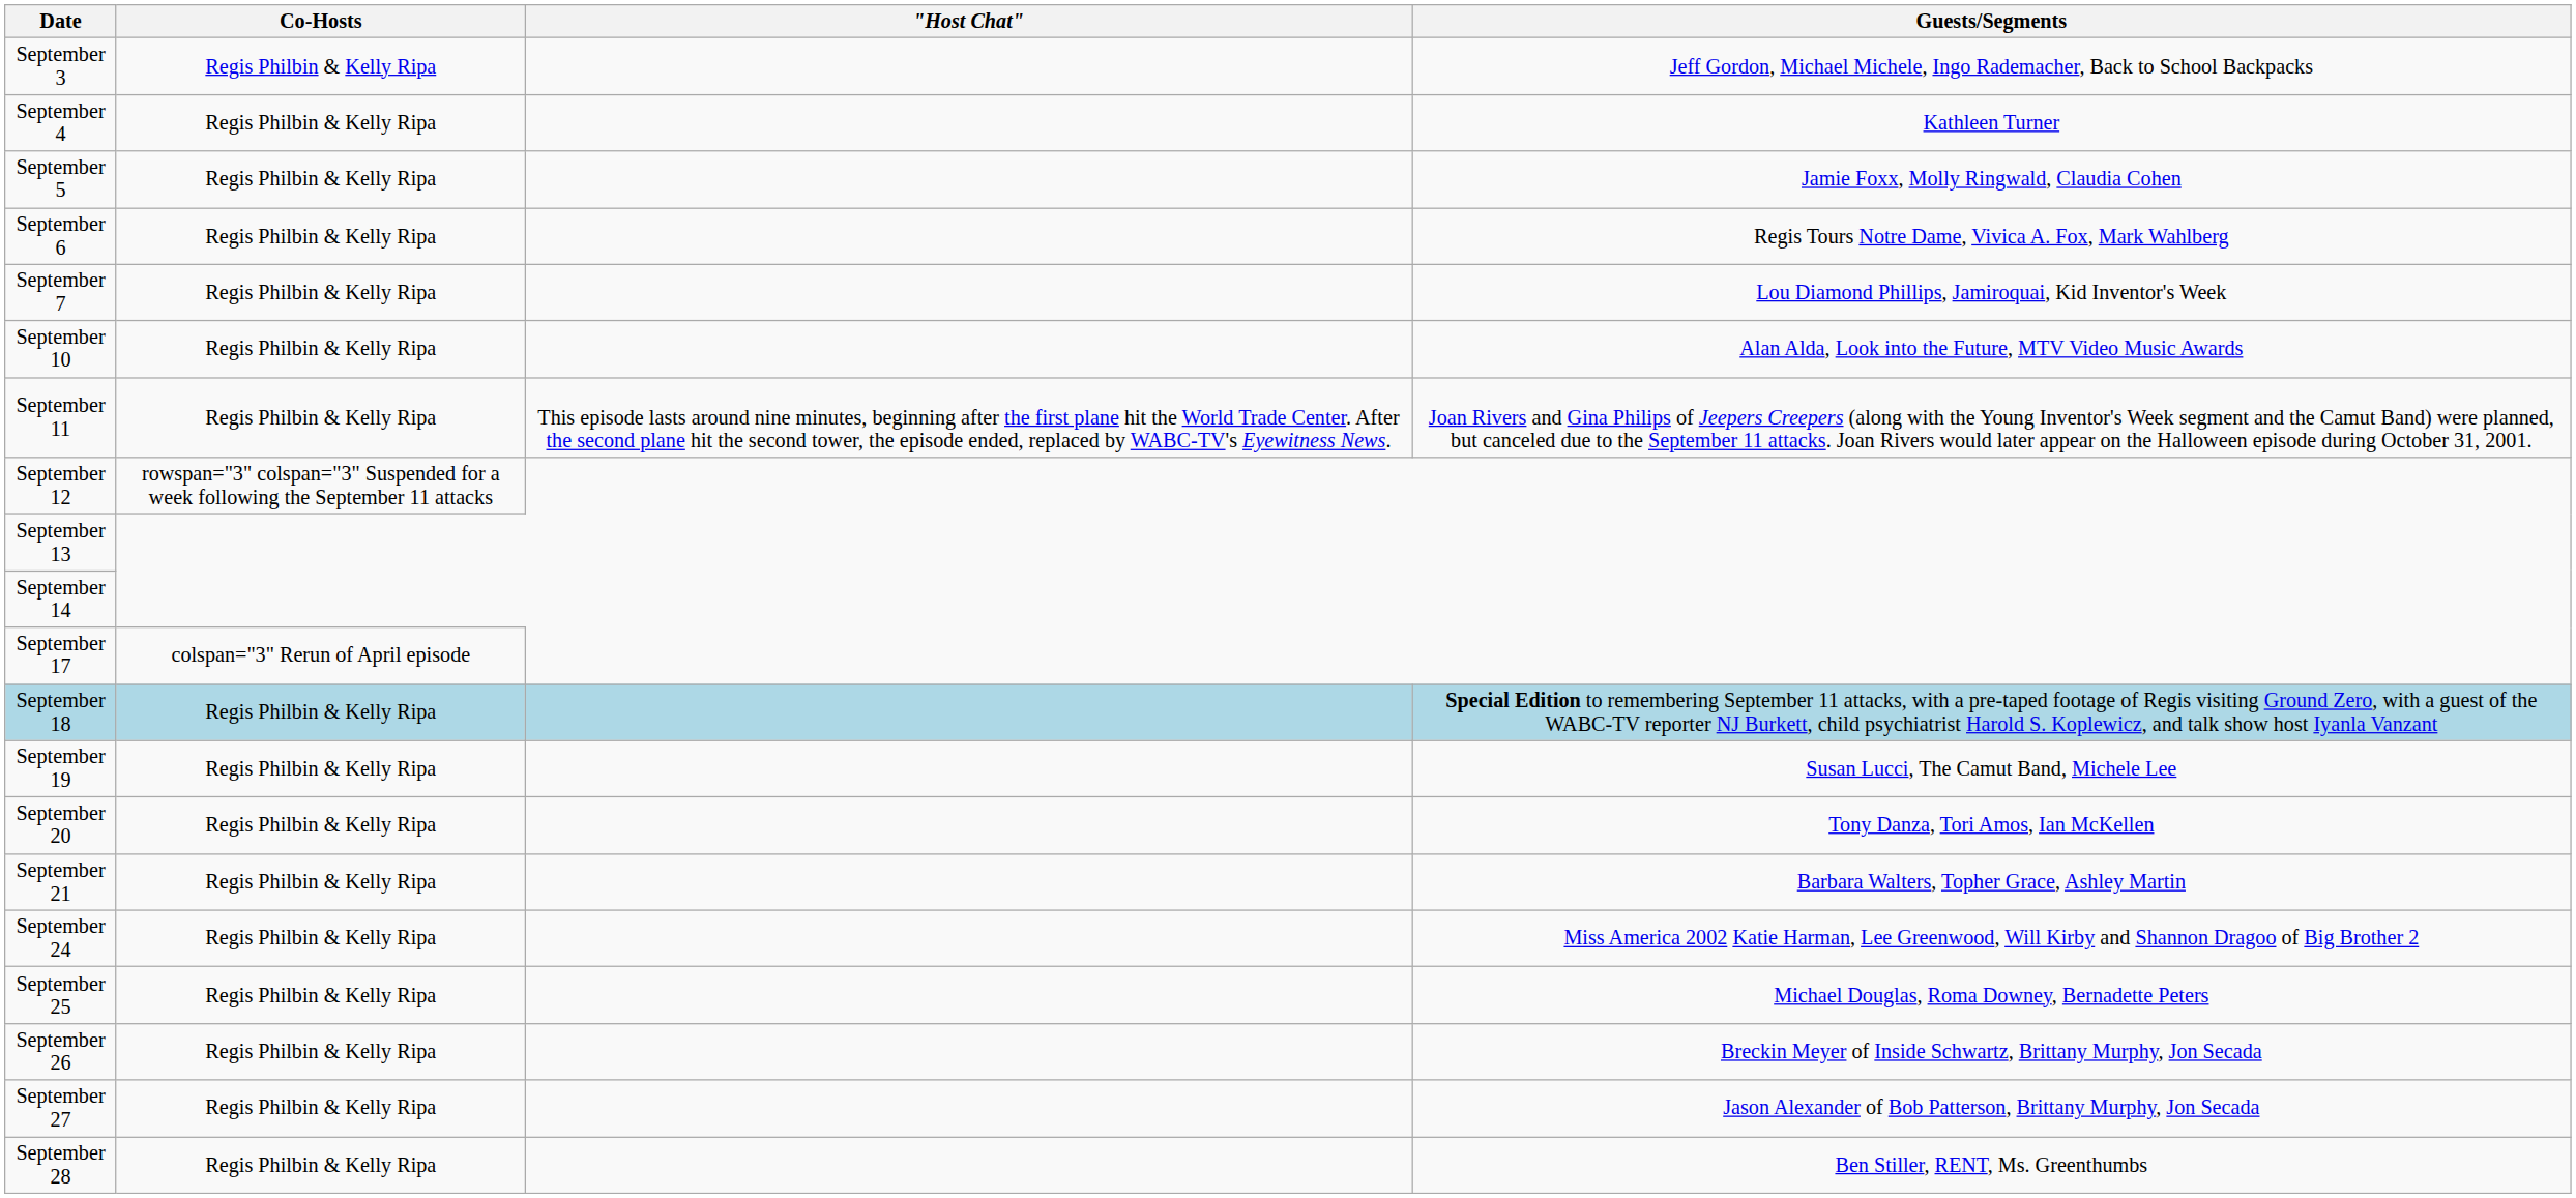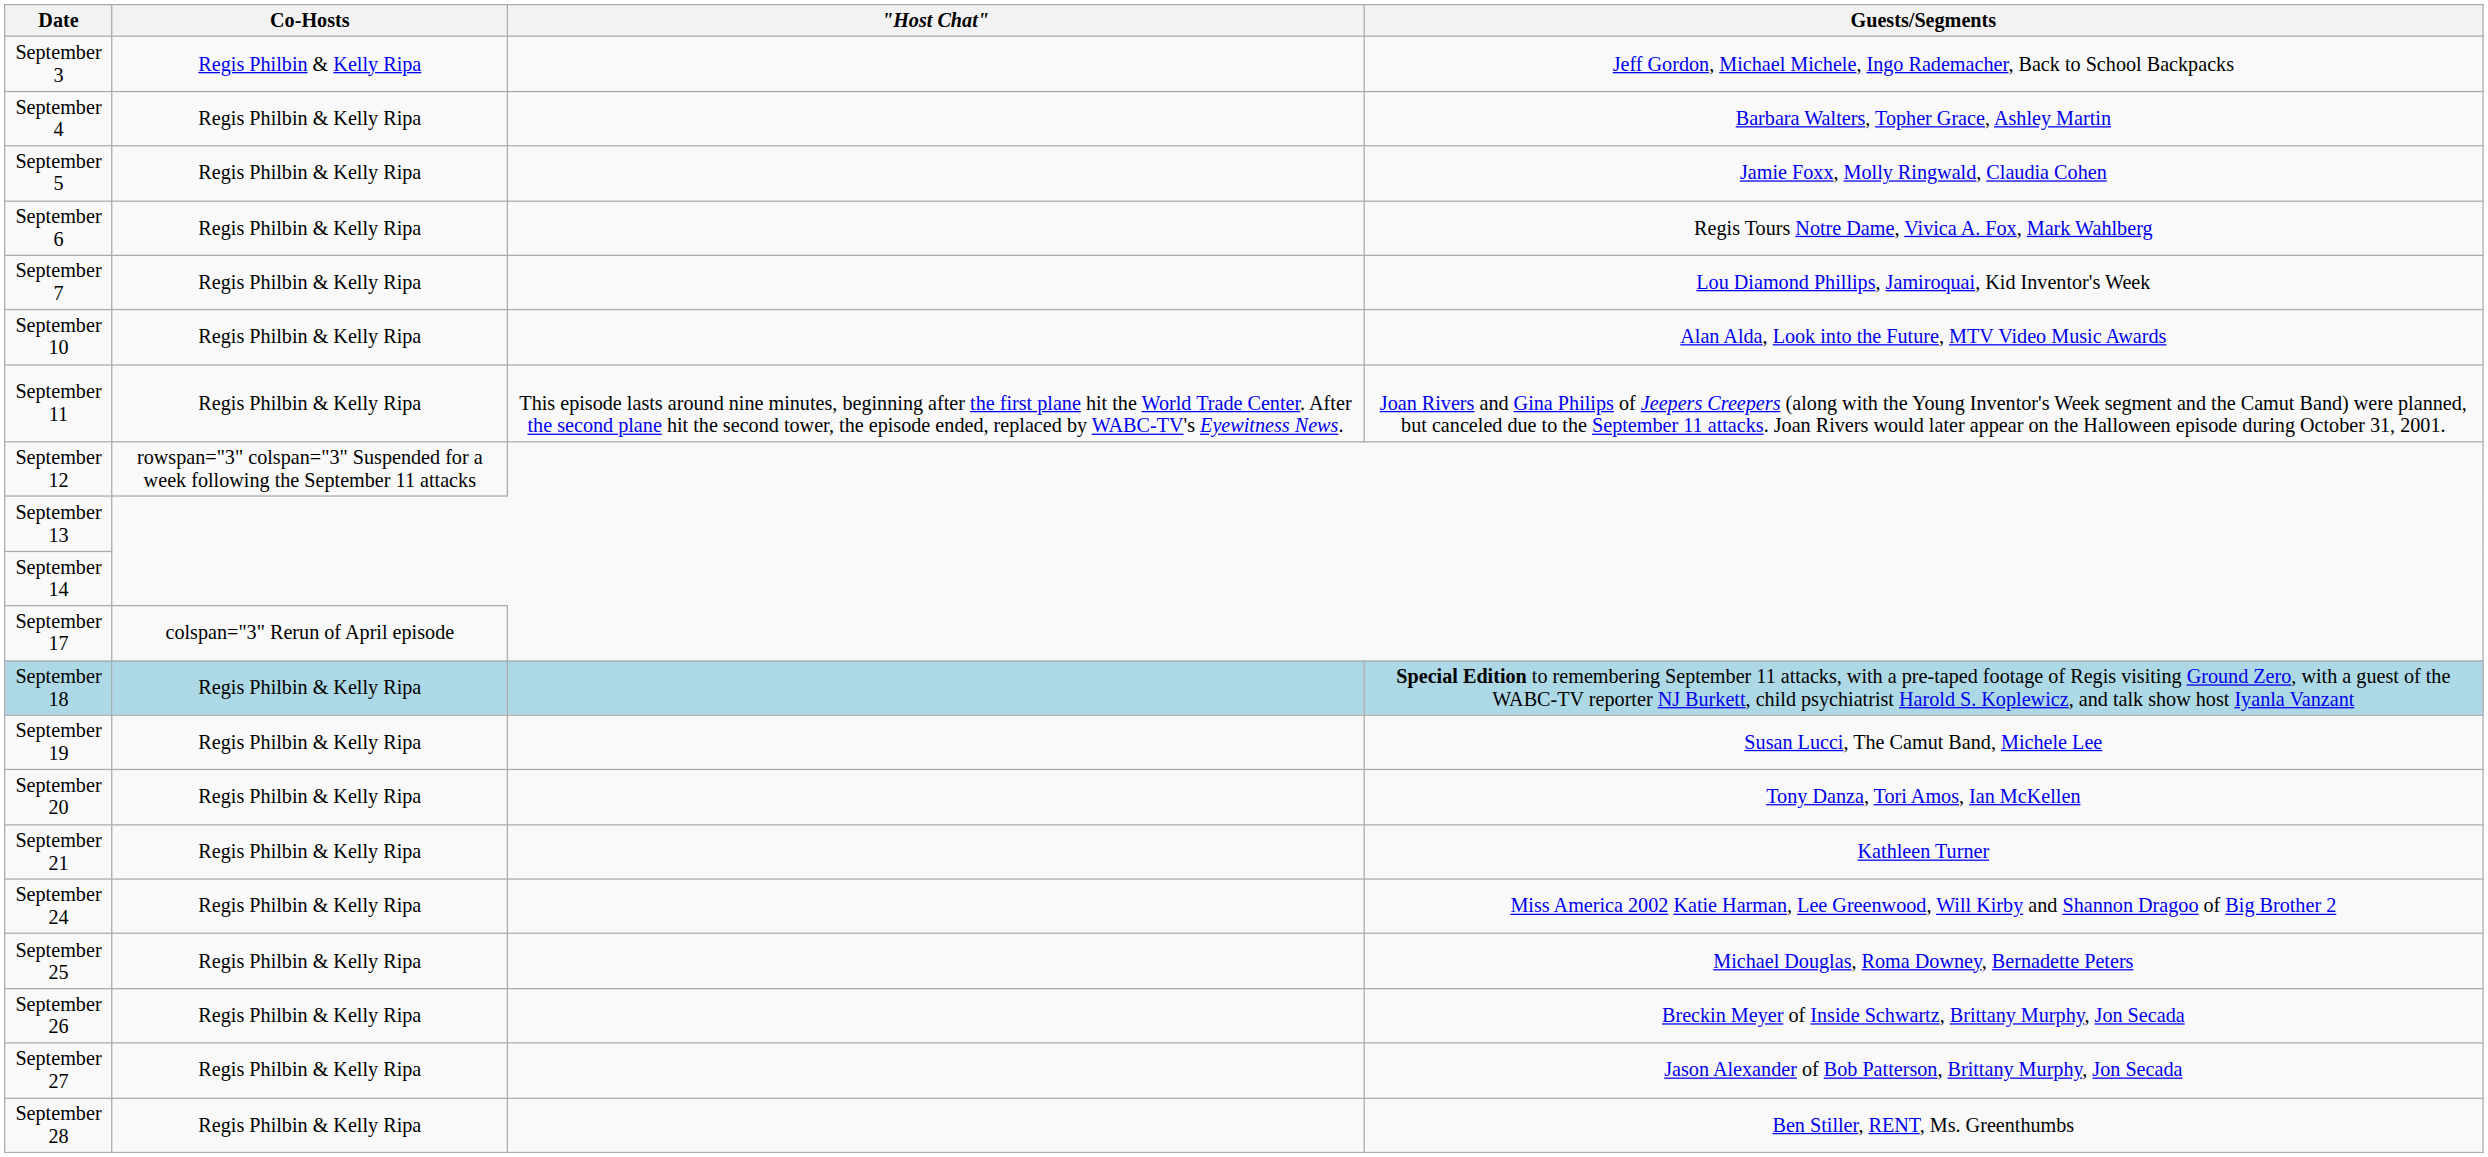 <table class="wikitable sortable" style="text-align:center;">
 <tr>
 <th>Date</th>
 <th>Co-Hosts</th>
 <th><em>"Host Chat"</em></th>
 <th>Guests/Segments</th>
 </tr>
 <tr>
 <td>September 3</td>
 <td><a href='#'>Regis Philbin</a> & <a href='#'>Kelly Ripa</a></td>
 <td></td>
 <td><a href='#'>Jeff Gordon</a>, <a href='#'>Michael Michele</a>, <a href='#'>Ingo Rademacher</a>, Back to School Backpacks</td>
 </tr>
 <tr>
 <td>September 4</td>
 <td>Regis Philbin & Kelly Ripa</td>
 <td></td>
-<td><a href='#'>Kathleen Turner</a></td>
+<td><a href='#'>Barbara Walters</a>, <a href='#'>Topher Grace</a>, <a href='#'>Ashley Martin</a></td>
 </tr>
 <tr>
 <td>September 5</td>
 <td>Regis Philbin & Kelly Ripa</td>
 <td></td>
 <td><a href='#'>Jamie Foxx</a>, <a href='#'>Molly Ringwald</a>, <a href='#'>Claudia Cohen</a></td>
 </tr>
 <tr>
 <td>September 6</td>
 <td>Regis Philbin & Kelly Ripa</td>
 <td></td>
 <td>Regis Tours <a href='#'>Notre Dame</a>, <a href='#'>Vivica A. Fox</a>, <a href='#'>Mark Wahlberg</a></td>
 </tr>
 <tr>
 <td>September 7</td>
 <td>Regis Philbin & Kelly Ripa</td>
 <td></td>
 <td><a href='#'>Lou Diamond Phillips</a>, <a href='#'>Jamiroquai</a>, Kid Inventor's Week</td>
 </tr>
 <tr>
 <td>September 10</td>
 <td>Regis Philbin & Kelly Ripa</td>
 <td></td>
 <td><a href='#'>Alan Alda</a>, <a href='#'>Look into the Future</a>, <a href='#'>MTV Video Music Awards</a></td>
 </tr>
 <tr>
 <td>September 11</td>
 <td>Regis Philbin & Kelly Ripa</td>
 <td><br>This episode lasts around nine minutes, beginning after <a href='#'>the first plane</a> hit the <a href='#'>World Trade Center</a>. After <a href='#'>the second plane</a> hit the second tower, the episode ended, replaced by <a href='#'>WABC-TV</a>'s <em><a href='#'>Eyewitness News</a></em>.</td>
 <td><br><a href='#'>Joan Rivers</a> and <a href='#'>Gina Philips</a> of <em><a href='#'>Jeepers Creepers</a></em> (along with the Young Inventor's Week segment and the Camut Band) were planned, but canceled due to the <a href='#'>September 11 attacks</a>. Joan Rivers would later appear on the Halloween episode during October 31, 2001.</td>
 </tr>
 <tr>
 <td>September 12</td>
 <td>rowspan="3" colspan="3"  Suspended for a week following the September 11 attacks</td>
 </tr>
 <tr>
 <td>September 13</td>
 </tr>
 <tr>
 <td>September 14</td>
 </tr>
 <tr>
 <td>September 17</td>
 <td>colspan="3"  Rerun of April episode</td>
 </tr>
 <tr style="background:lightblue;">
 <td>September 18</td>
 <td>Regis Philbin & Kelly Ripa</td>
 <td></td>
 <td><strong>Special Edition</strong> to remembering September 11 attacks, with a pre-taped footage of Regis visiting <a href='#'>Ground Zero</a>, with a guest of the WABC-TV reporter <a href='#'>NJ Burkett</a>, child psychiatrist <a href='#'>Harold S. Koplewicz</a>, and talk show host <a href='#'>Iyanla Vanzant</a></td>
 </tr>
 <tr>
 <td>September 19</td>
 <td>Regis Philbin & Kelly Ripa</td>
 <td></td>
 <td><a href='#'>Susan Lucci</a>, The Camut Band, <a href='#'>Michele Lee</a></td>
 </tr>
 <tr>
 <td>September 20</td>
 <td>Regis Philbin & Kelly Ripa</td>
 <td></td>
 <td><a href='#'>Tony Danza</a>, <a href='#'>Tori Amos</a>, <a href='#'>Ian McKellen</a></td>
 </tr>
 <tr>
 <td>September 21</td>
 <td>Regis Philbin & Kelly Ripa</td>
 <td></td>
-<td><a href='#'>Barbara Walters</a>, <a href='#'>Topher Grace</a>, <a href='#'>Ashley Martin</a></td>
+<td><a href='#'>Kathleen Turner</a></td>
 </tr>
 <tr>
 <td>September 24</td>
 <td>Regis Philbin & Kelly Ripa</td>
 <td></td>
 <td><a href='#'>Miss America 2002</a> <a href='#'>Katie Harman</a>, <a href='#'>Lee Greenwood</a>, <a href='#'>Will Kirby</a> and <a href='#'>Shannon Dragoo</a> of <a href='#'>Big Brother 2</a></td>
 </tr>
 <tr>
 <td>September 25</td>
 <td>Regis Philbin & Kelly Ripa</td>
 <td></td>
 <td><a href='#'>Michael Douglas</a>, <a href='#'>Roma Downey</a>, <a href='#'>Bernadette Peters</a></td>
 </tr>
 <tr>
 <td>September 26</td>
 <td>Regis Philbin & Kelly Ripa</td>
 <td></td>
 <td><a href='#'>Breckin Meyer</a> of <a href='#'>Inside Schwartz</a>, <a href='#'>Brittany Murphy</a>, <a href='#'>Jon Secada</a></td>
 </tr>
 <tr>
 <td>September 27</td>
 <td>Regis Philbin & Kelly Ripa</td>
 <td></td>
 <td><a href='#'>Jason Alexander</a> of <a href='#'>Bob Patterson</a>, <a href='#'>Brittany Murphy</a>, <a href='#'>Jon Secada</a></td>
 </tr>
 <tr>
 <td>September 28</td>
 <td>Regis Philbin & Kelly Ripa</td>
 <td></td>
 <td><a href='#'>Ben Stiller</a>, <a href='#'>RENT</a>, Ms. Greenthumbs</td>
 </tr>
 </table>
